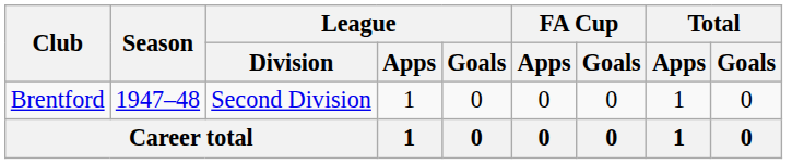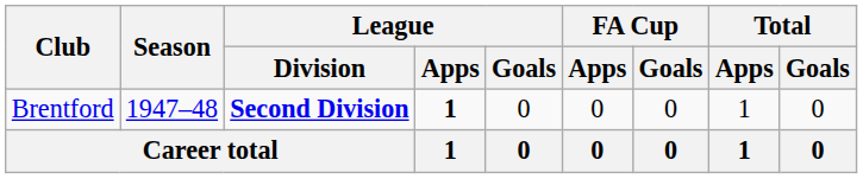 <table class="wikitable" style="text-align: center;">
 <tr>
 <th rowspan="2">Club</th>
 <th rowspan="2">Season</th>
 <th colspan="3">League</th>
 <th colspan="2">FA Cup</th>
 <th colspan="2">Total</th>
 </tr>
 <tr>
 <th>Division</th>
 <th>Apps</th>
 <th>Goals</th>
 <th>Apps</th>
 <th>Goals</th>
 <th>Apps</th>
 <th>Goals</th>
 </tr>
 <tr>
 <td><a href='#'>Brentford</a></td>
 <td><a href='#'>1947–48</a></td>
-<td><a href='#'>Second Division</a></td>
-<td>1</td>
+<td><strong><a href='#'>Second Division</a></strong></td>
+<td><strong>1</strong></td>
 <td>0</td>
 <td>0</td>
 <td>0</td>
 <td>1</td>
 <td>0</td>
 </tr>
 <tr>
 <th colspan="3">Career total</th>
 <th>1</th>
 <th>0</th>
 <th>0</th>
 <th>0</th>
 <th>1</th>
 <th>0</th>
 </tr>
 </table>
